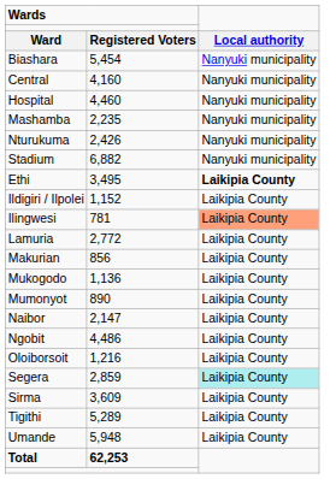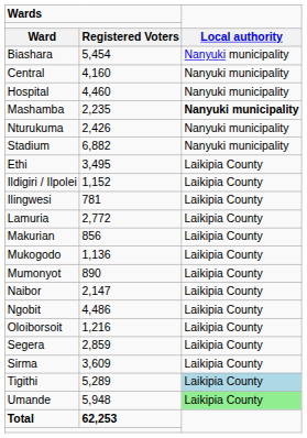 <table class="wikitable">
 <tr>
 <td colspan="2"><strong>Wards</strong></td>
 </tr>
 <tr>
 <td colspan="2"></td>
 </tr>
 <tr>
 <th>Ward</th>
 <th>Registered Voters</th>
 <th><a href='#'>Local authority</a></th>
 </tr>
 <tr>
 <td>Biashara</td>
 <td>5,454</td>
 <td><a href='#'>Nanyuki</a> municipality</td>
 </tr>
 <tr>
 <td>Central</td>
 <td>4,160</td>
 <td>Nanyuki municipality</td>
 </tr>
 <tr>
 <td>Hospital</td>
 <td>4,460</td>
 <td>Nanyuki municipality</td>
 </tr>
 <tr>
 <td>Mashamba</td>
 <td>2,235</td>
-<td>Nanyuki municipality</td>
+<td><strong>Nanyuki municipality</strong></td>
 </tr>
 <tr>
 <td>Nturukuma</td>
 <td>2,426</td>
 <td>Nanyuki municipality</td>
 </tr>
 <tr>
 <td>Stadium</td>
 <td>6,882</td>
 <td>Nanyuki municipality</td>
 </tr>
 <tr>
 <td>Ethi</td>
 <td>3,495</td>
-<td><strong>Laikipia County</strong></td>
+<td>Laikipia County</td>
 </tr>
 <tr>
 <td>Ildigiri / Ilpolei</td>
 <td>1,152</td>
 <td>Laikipia County</td>
 </tr>
 <tr>
 <td>Ilingwesi</td>
 <td>781</td>
-<td style="background: lightsalmon;">Laikipia County</td>
+<td>Laikipia County</td>
 </tr>
 <tr>
 <td>Lamuria</td>
 <td>2,772</td>
 <td>Laikipia County</td>
 </tr>
 <tr>
 <td>Makurian</td>
 <td>856</td>
 <td>Laikipia County</td>
 </tr>
 <tr>
 <td>Mukogodo</td>
 <td>1,136</td>
 <td>Laikipia County</td>
 </tr>
 <tr>
 <td>Mumonyot</td>
 <td>890</td>
 <td>Laikipia County</td>
 </tr>
 <tr>
 <td>Naibor</td>
 <td>2,147</td>
 <td>Laikipia County</td>
 </tr>
 <tr>
 <td>Ngobit</td>
 <td>4,486</td>
 <td>Laikipia County</td>
 </tr>
 <tr>
 <td>Oloiborsoit</td>
 <td>1,216</td>
 <td>Laikipia County</td>
 </tr>
 <tr>
 <td>Segera</td>
 <td>2,859</td>
-<td style="background: paleturquoise;">Laikipia County</td>
+<td>Laikipia County</td>
 </tr>
 <tr>
 <td>Sirma</td>
 <td>3,609</td>
 <td>Laikipia County</td>
 </tr>
 <tr>
 <td>Tigithi</td>
 <td>5,289</td>
-<td>Laikipia County</td>
+<td style="background: lightblue;">Laikipia County</td>
 </tr>
 <tr>
 <td>Umande</td>
 <td>5,948</td>
-<td>Laikipia County</td>
+<td style="background: lightgreen;">Laikipia County</td>
 </tr>
 <tr>
 <td><strong>Total</strong></td>
 <td><strong>62,253</strong></td>
 </tr>
 <tr>
 <td colspan="2"></td>
 </tr>
 </table>
